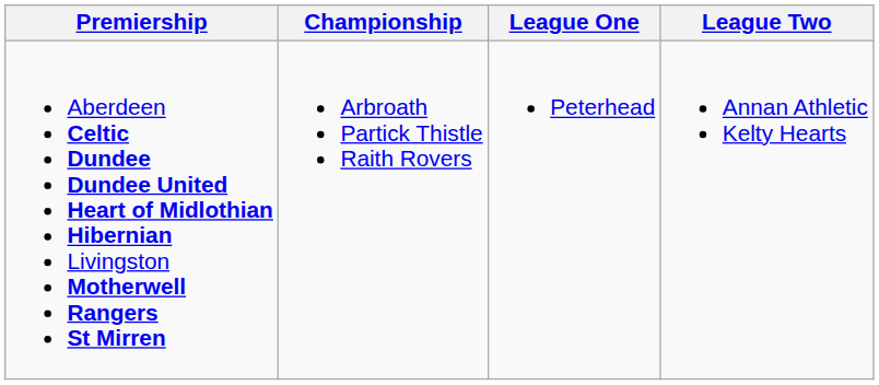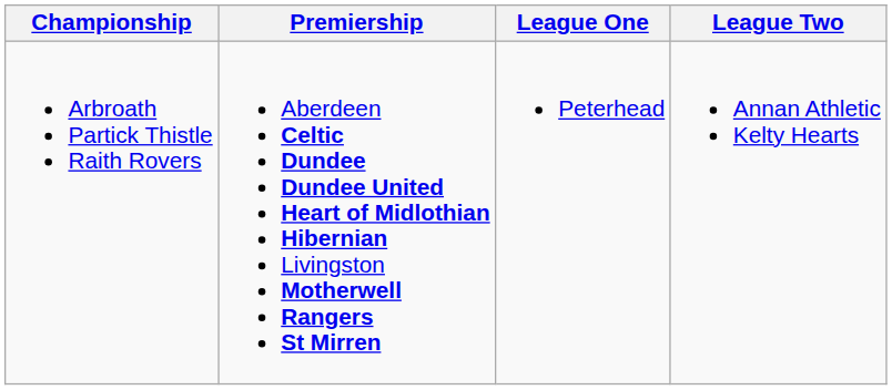 <table class="wikitable" style="text-align:left">
 <tr>
+<th><a href='#'>Championship</a></th>
 <th><a href='#'>Premiership</a></th>
-<th><a href='#'>Championship</a></th>
 <th><a href='#'>League One</a></th>
 <th><a href='#'>League Two</a></th>
 </tr>
 <tr>
+<td valign=top><br><ul><li><a href='#'>Arbroath</a></li><li><a href='#'>Partick Thistle</a></li><li><a href='#'>Raith Rovers</a></li></ul></td>
 <td valign=top><br><ul><li><a href='#'>Aberdeen</a></li><li><strong><a href='#'>Celtic</a></strong></li><li><strong><a href='#'>Dundee</a></strong></li><li><strong><a href='#'>Dundee United</a></strong></li><li><strong><a href='#'>Heart of Midlothian</a></strong></li><li><strong><a href='#'>Hibernian</a></strong></li><li><a href='#'>Livingston</a></li><li><strong><a href='#'>Motherwell</a></strong></li><li><strong><a href='#'>Rangers</a></strong></li><li><strong><a href='#'>St Mirren</a></strong></li></ul></td>
-<td valign=top><br><ul><li><a href='#'>Arbroath</a></li><li><a href='#'>Partick Thistle</a></li><li><a href='#'>Raith Rovers</a></li></ul></td>
 <td valign=top><br><ul><li><a href='#'>Peterhead</a></li></ul></td>
 <td valign=top><br><ul><li><a href='#'>Annan Athletic</a></li><li><a href='#'>Kelty Hearts</a></li></ul></td>
 </tr>
 </table>
